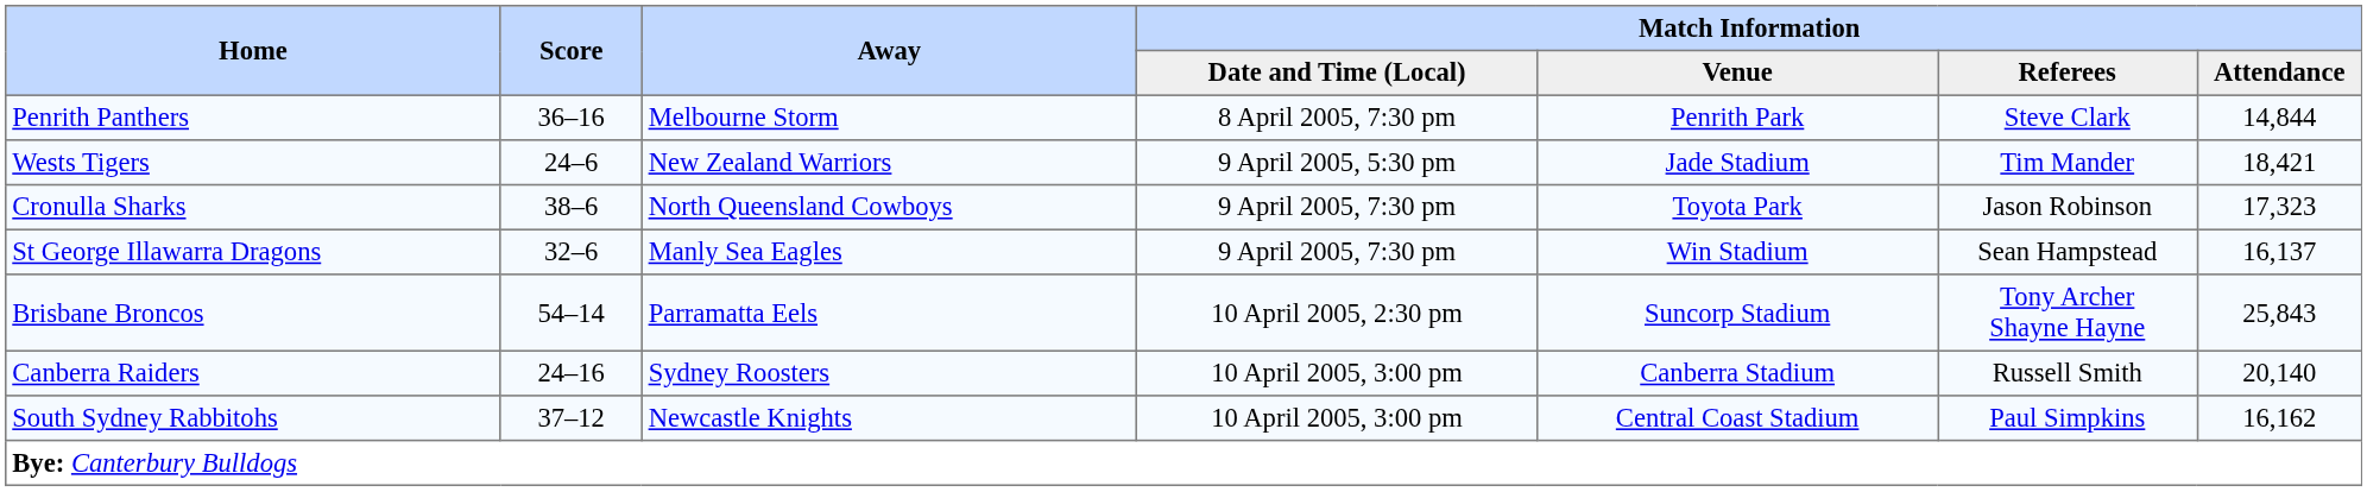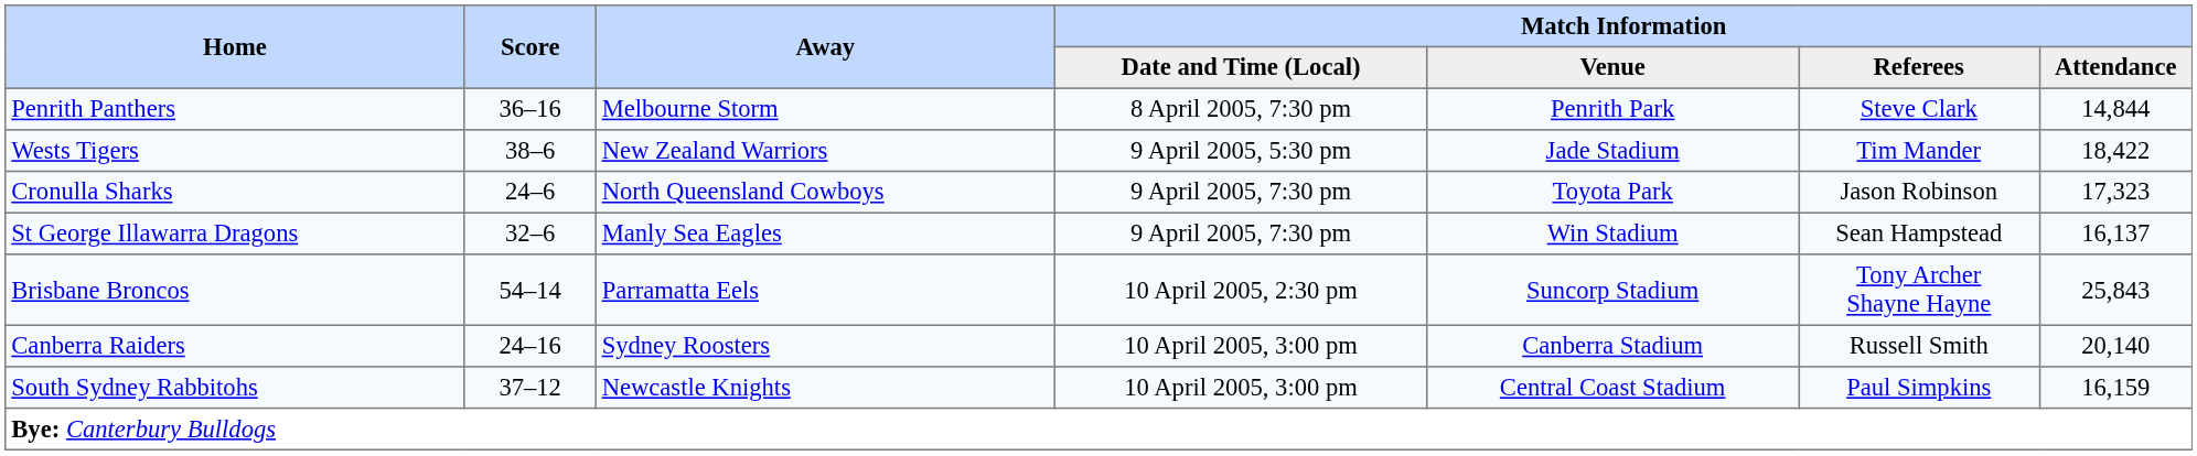 <table border="1" cellpadding="3" cellspacing="0" style="border-collapse:collapse; font-size:90%; width:100%;">
 <tr style="background:#c1d8ff;">
 <th rowspan=2 style="width:21%;">Home</th>
 <th rowspan=2 style="width:6%;">Score</th>
 <th rowspan=2 style="width:21%;">Away</th>
 <th colspan=6>Match Information</th>
 </tr>
 <tr style="background:#efefef;">
 <th width=17%>Date and Time (Local)</th>
 <th width=17%>Venue</th>
 <th width=11%>Referees</th>
 <th width=7%>Attendance</th>
 </tr>
 <tr style="text-align:center; background:#f5faff">
 <td align=left> <a href='#'>Penrith Panthers</a></td>
 <td>36–16</td>
 <td align=left> <a href='#'>Melbourne Storm</a></td>
 <td>8 April 2005, 7:30 pm</td>
 <td><a href='#'>Penrith Park</a></td>
 <td><a href='#'>Steve Clark</a></td>
 <td>14,844</td>
 </tr>
 <tr style="text-align:center; background:#f5faff">
 <td align=left> <a href='#'>Wests Tigers</a></td>
-<td>24–6</td>
+<td>38–6</td>
 <td align=left> <a href='#'>New Zealand Warriors</a></td>
 <td>9 April 2005, 5:30 pm</td>
 <td><a href='#'>Jade Stadium</a></td>
 <td><a href='#'>Tim Mander</a></td>
-<td>18,421</td>
+<td>18,422</td>
 </tr>
 <tr style="text-align:center; background:#f5faff">
 <td align=left> <a href='#'>Cronulla Sharks</a></td>
-<td>38–6</td>
+<td>24–6</td>
 <td align=left> <a href='#'>North Queensland Cowboys</a></td>
 <td>9 April 2005, 7:30 pm</td>
 <td><a href='#'>Toyota Park</a></td>
 <td>Jason Robinson</td>
 <td>17,323</td>
 </tr>
 <tr style="text-align:center; background:#f5faff">
 <td align=left> <a href='#'>St George Illawarra Dragons</a></td>
 <td>32–6</td>
 <td align=left> <a href='#'>Manly Sea Eagles</a></td>
 <td>9 April 2005, 7:30 pm</td>
 <td><a href='#'>Win Stadium</a></td>
 <td>Sean Hampstead</td>
 <td>16,137</td>
 </tr>
 <tr style="text-align:center; background:#f5faff">
 <td align=left> <a href='#'>Brisbane Broncos</a></td>
 <td>54–14</td>
 <td align=left> <a href='#'>Parramatta Eels</a></td>
 <td>10 April 2005, 2:30 pm</td>
 <td><a href='#'>Suncorp Stadium</a></td>
 <td><a href='#'>Tony Archer</a><br><a href='#'>Shayne Hayne</a></td>
 <td>25,843</td>
 </tr>
 <tr style="text-align:center; background:#f5faff">
 <td align=left> <a href='#'>Canberra Raiders</a></td>
 <td>24–16</td>
 <td align=left> <a href='#'>Sydney Roosters</a></td>
 <td>10 April 2005, 3:00 pm</td>
 <td><a href='#'>Canberra Stadium</a></td>
 <td>Russell Smith</td>
 <td>20,140</td>
 </tr>
 <tr style="text-align:center; background:#f5faff">
 <td align=left> <a href='#'>South Sydney Rabbitohs</a></td>
 <td>37–12</td>
 <td align=left> <a href='#'>Newcastle Knights</a></td>
 <td>10 April 2005, 3:00 pm</td>
 <td><a href='#'>Central Coast Stadium</a></td>
 <td><a href='#'>Paul Simpkins</a></td>
-<td>16,162</td>
+<td>16,159</td>
 </tr>
 <tr>
 <td colspan=7 style="text-align:left;"><strong>Bye:</strong>  <em><a href='#'>Canterbury Bulldogs</a></em></td>
 </tr>
 </table>
